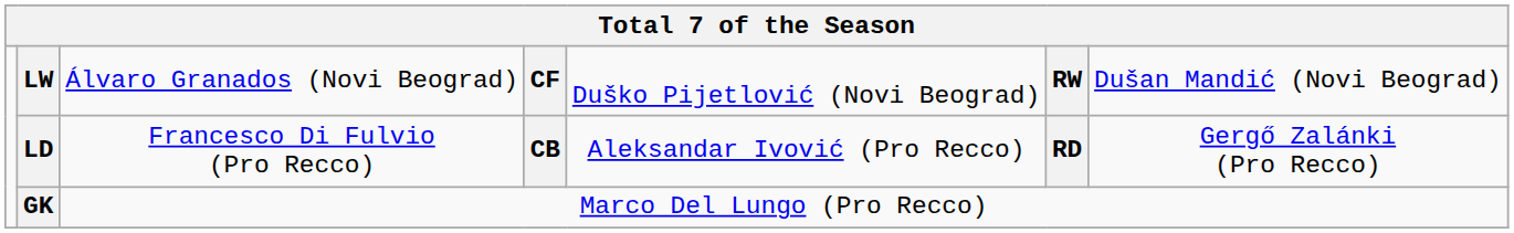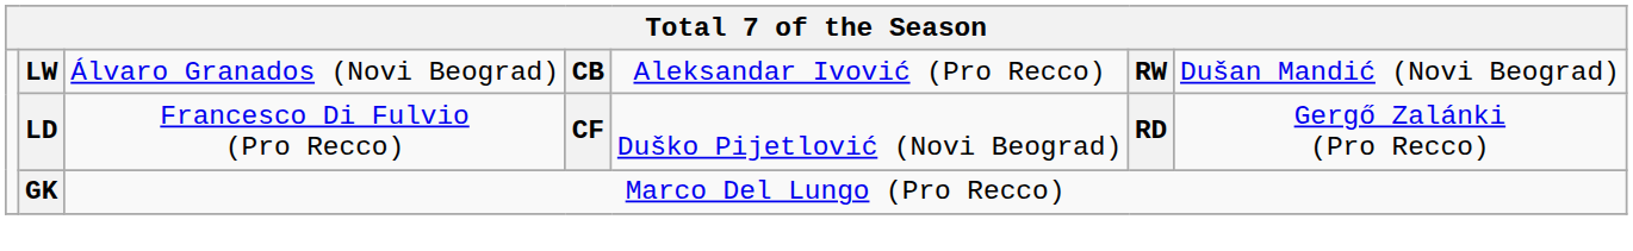 <table class="wikitable" style="text-align:center">
 <tr>
 <th colspan="7">Total 7 of the Season</th>
 </tr>
 <tr>
 <td rowspan="3"></td>
 <th>LW</th>
 <td> <a href='#'>Álvaro Granados</a> (Novi Beograd)</td>
-<th>CF</th>
-<td><br><a href='#'>Duško Pijetlović</a> (Novi Beograd)</td>
+<th>CB</th>
+<td> <a href='#'>Aleksandar Ivović</a> (Pro Recco)</td>
 <th>RW</th>
 <td> <a href='#'>Dušan Mandić</a> (Novi Beograd)</td>
 </tr>
 <tr>
 <th>LD</th>
 <td> <a href='#'>Francesco Di Fulvio</a><br>(Pro Recco)</td>
-<th>CB</th>
-<td> <a href='#'>Aleksandar Ivović</a> (Pro Recco)</td>
+<th>CF</th>
+<td><br><a href='#'>Duško Pijetlović</a> (Novi Beograd)</td>
 <th>RD</th>
 <td> <a href='#'>Gergő Zalánki</a><br>(Pro Recco)</td>
 </tr>
 <tr>
 <th>GK</th>
 <td colspan="5"> <a href='#'>Marco Del Lungo</a> (Pro Recco)</td>
 </tr>
 </table>
